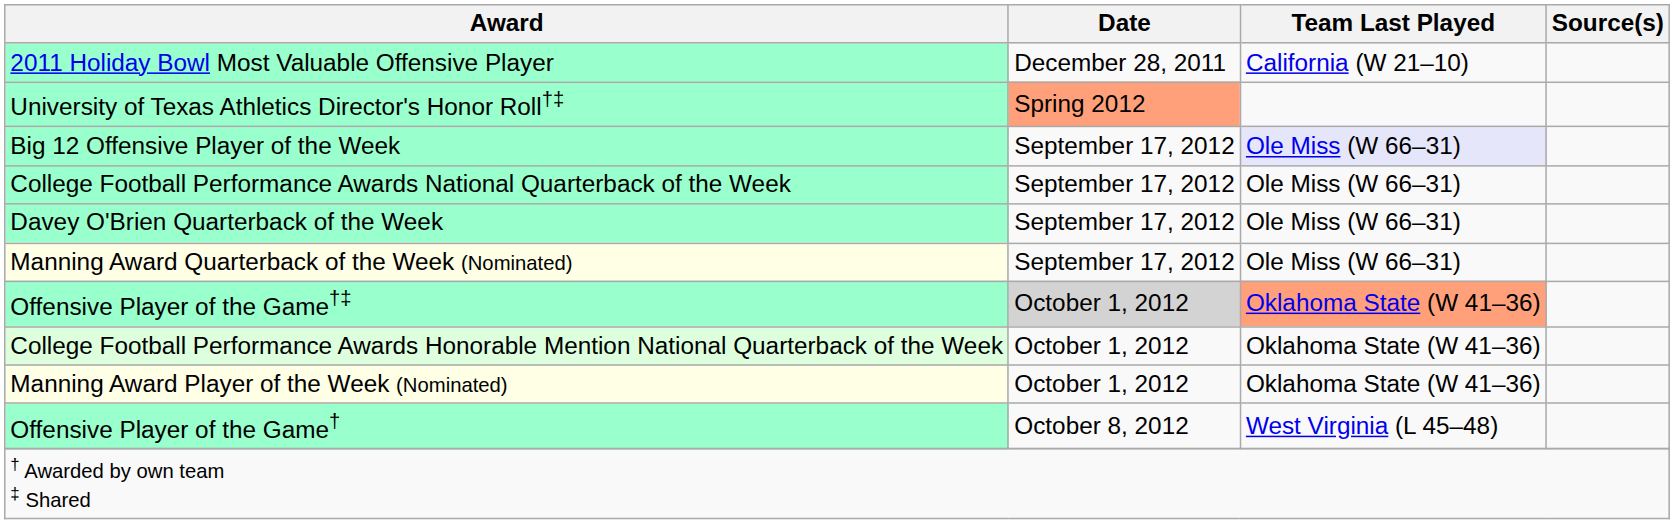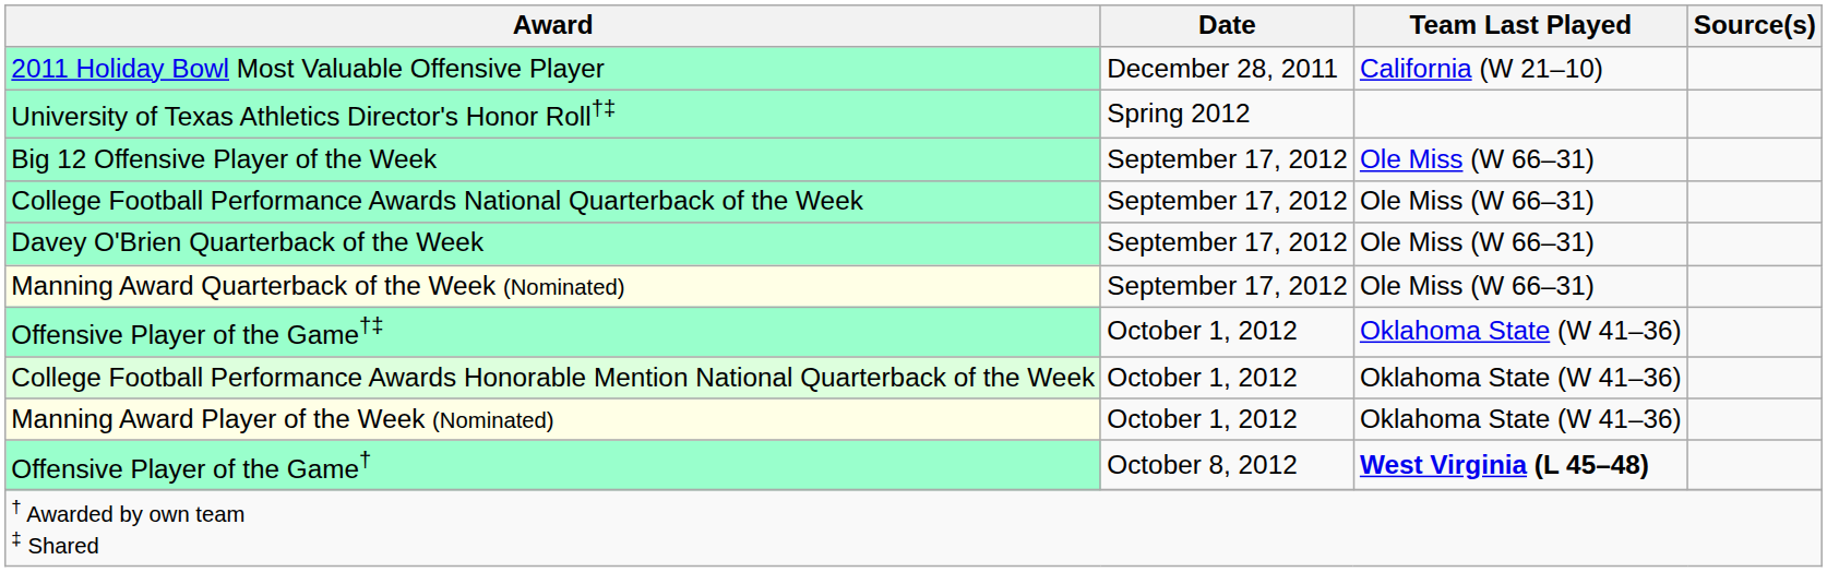 <table class="wikitable sortable" style="text-align:left">
 <tr style="text-align:left;">
 <th>Award</th>
 <th>Date</th>
 <th>Team Last Played</th>
 <th ! class="unsortable">Source(s)</th>
 </tr>
 <tr>
 <td style="background:#99ffcc;"><a href='#'>2011 Holiday Bowl</a> Most Valuable Offensive Player</td>
 <td>December 28, 2011</td>
 <td><a href='#'>California</a> (W 21–10)</td>
 <td></td>
 </tr>
 <tr>
 <td style="background:#99ffcc;">University of Texas Athletics Director's Honor Roll<sup>†‡</sup></td>
-<td style="background: lightsalmon;">Spring 2012</td>
+<td>Spring 2012</td>
 <td></td>
 <td></td>
 </tr>
 <tr>
 <td style="background:#99ffcc;">Big 12 Offensive Player of the Week</td>
 <td>September 17, 2012</td>
-<td style="background: lavender;"><a href='#'>Ole Miss</a> (W 66–31)</td>
+<td><a href='#'>Ole Miss</a> (W 66–31)</td>
 <td></td>
 </tr>
 <tr>
 <td style="background:#99ffcc;">College Football Performance Awards National Quarterback of the Week</td>
 <td>September 17, 2012</td>
 <td>Ole Miss (W 66–31)</td>
 <td></td>
 </tr>
 <tr>
 <td style="background:#99ffcc;">Davey O'Brien Quarterback of the Week</td>
 <td>September 17, 2012</td>
 <td>Ole Miss (W 66–31)</td>
 <td></td>
 </tr>
 <tr>
 <td style="background:#ffffe6;">Manning Award Quarterback of the Week <small>(Nominated)</small></td>
 <td>September 17, 2012</td>
 <td>Ole Miss (W 66–31)</td>
 <td></td>
 </tr>
 <tr>
 <td style="background:#99ffcc;">Offensive Player of the Game<sup>†‡</sup></td>
-<td style="background: lightgrey;">October 1, 2012</td>
-<td style="background: lightsalmon;"><a href='#'>Oklahoma State</a> (W 41–36)</td>
+<td>October 1, 2012</td>
+<td><a href='#'>Oklahoma State</a> (W 41–36)</td>
 <td></td>
 </tr>
 <tr>
 <td style="background:#dfd;">College Football Performance Awards Honorable Mention National Quarterback of the Week</td>
 <td>October 1, 2012</td>
 <td>Oklahoma State (W 41–36)</td>
 <td></td>
 </tr>
 <tr>
 <td style="background:#ffffe6;">Manning Award Player of the Week <small>(Nominated)</small></td>
 <td>October 1, 2012</td>
 <td>Oklahoma State (W 41–36)</td>
 <td></td>
 </tr>
 <tr>
 <td style="background:#99ffcc;">Offensive Player of the Game<sup>†</sup></td>
 <td>October 8, 2012</td>
-<td><a href='#'>West Virginia</a> (L 45–48)</td>
+<td><strong><a href='#'>West Virginia</a> (L 45–48)</strong></td>
 <td></td>
 </tr>
 <tr>
 </tr>
 <tr class="sortbottom">
 <td colspan = 13 style="text-align:left;"><small><sup>†</sup> Awarded by own team<br><sup>‡</sup> Shared</small></td>
 </tr>
 </table>
